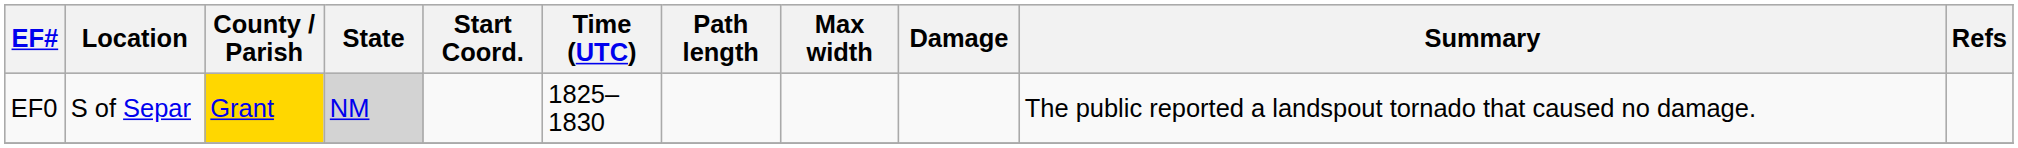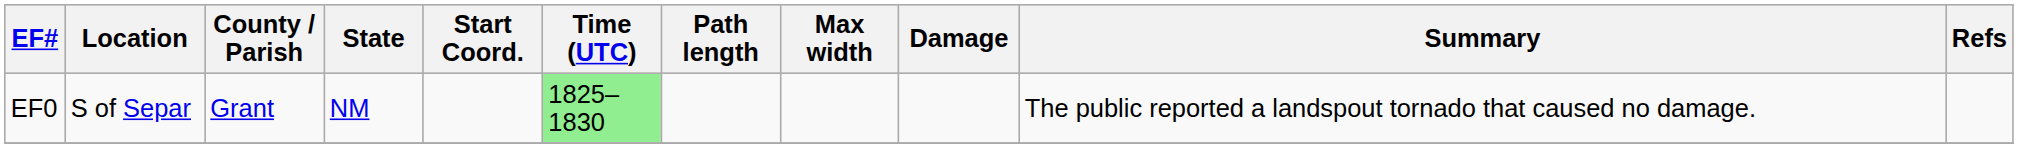 <table class="wikitable sortable" style="width:100%;">
 <tr>
 <th scope="col" width="3%" align="center"><a href='#'>EF#</a></th>
 <th scope="col" width="7%" align="center" class="unsortable">Location</th>
 <th scope="col" width="6%" align="center" class="unsortable">County / Parish</th>
 <th scope="col" width="5%" align="center">State</th>
 <th scope="col" width="6%" align="center">Start Coord.</th>
 <th scope="col" width="6%" align="center">Time (<a href='#'>UTC</a>)</th>
 <th scope="col" width="6%" align="center">Path length</th>
 <th scope="col" width="6%" align="center">Max width</th>
 <th scope="col" width="6%" align="center">Damage</th>
 <th scope="col" width="48%" class="unsortable" align="center">Summary</th>
 <th scope="col" width="48%" class="unsortable" align="center">Refs</th>
 </tr>
 <tr>
 <td>EF0</td>
 <td>S of <a href='#'>Separ</a></td>
-<td style="background: gold;"><a href='#'>Grant</a></td>
-<td style="background: lightgrey;"><a href='#'>NM</a></td>
+<td><a href='#'>Grant</a></td>
+<td><a href='#'>NM</a></td>
 <td></td>
-<td>1825–1830</td>
+<td style="background: lightgreen;">1825–1830</td>
 <td></td>
 <td></td>
 <td></td>
 <td>The public reported a landspout tornado that caused no damage.</td>
 <td></td>
 </tr>
 <tr>
 </tr>
 </table>
